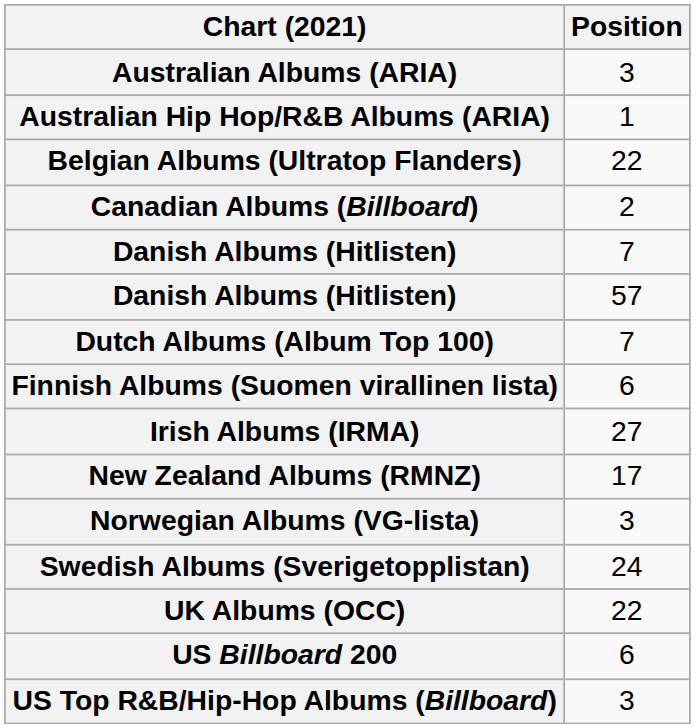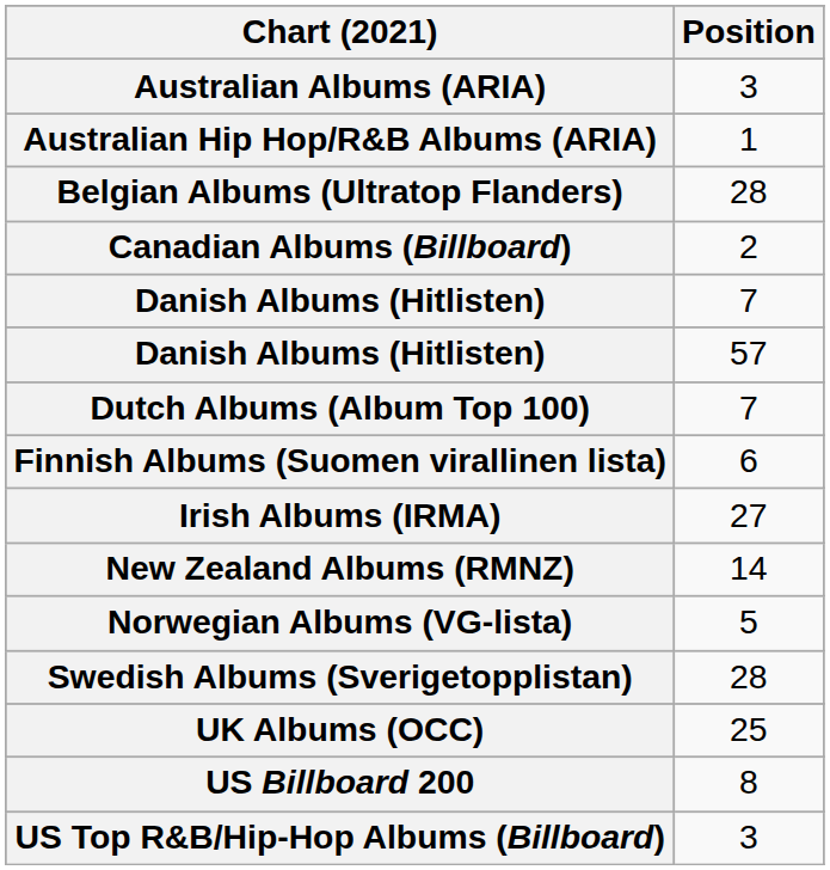 <table class="wikitable sortable plainrowheaders" style="text-align:center">
 <tr>
 <th scope="col">Chart (2021)</th>
 <th scope="col">Position</th>
 </tr>
 <tr>
 <th scope="row">Australian Albums (ARIA)</th>
 <td>3</td>
 </tr>
 <tr>
 <th scope="row">Australian Hip Hop/R&B Albums (ARIA)</th>
 <td>1</td>
 </tr>
 <tr>
 <th scope="row">Belgian Albums (Ultratop Flanders)</th>
-<td>22</td>
+<td>28</td>
 </tr>
 <tr>
 <th scope="row">Canadian Albums (<em>Billboard</em>)</th>
 <td>2</td>
 </tr>
 <tr>
 <th scope="row">Danish Albums (Hitlisten)</th>
 <td>7</td>
 </tr>
 <tr>
 <th scope="row">Danish Albums (Hitlisten)<br></th>
 <td>57</td>
 </tr>
 <tr>
 <th scope="row">Dutch Albums (Album Top 100)</th>
 <td>7</td>
 </tr>
 <tr>
 <th scope="row">Finnish Albums (Suomen virallinen lista)</th>
 <td>6</td>
 </tr>
 <tr>
 <th scope="row">Irish Albums (IRMA)</th>
 <td>27</td>
 </tr>
 <tr>
 <th scope="row">New Zealand Albums (RMNZ)</th>
-<td>17</td>
+<td>14</td>
 </tr>
 <tr>
 <th scope="row">Norwegian Albums (VG-lista)</th>
-<td>3</td>
+<td>5</td>
 </tr>
 <tr>
 <th scope="row">Swedish Albums (Sverigetopplistan)</th>
-<td>24</td>
+<td>28</td>
 </tr>
 <tr>
 <th scope="row">UK Albums (OCC)</th>
-<td>22</td>
+<td>25</td>
 </tr>
 <tr>
 <th scope="row">US <em>Billboard</em> 200</th>
-<td>6</td>
+<td>8</td>
 </tr>
 <tr>
 <th scope="row">US Top R&B/Hip-Hop Albums (<em>Billboard</em>)</th>
 <td>3</td>
 </tr>
 </table>
